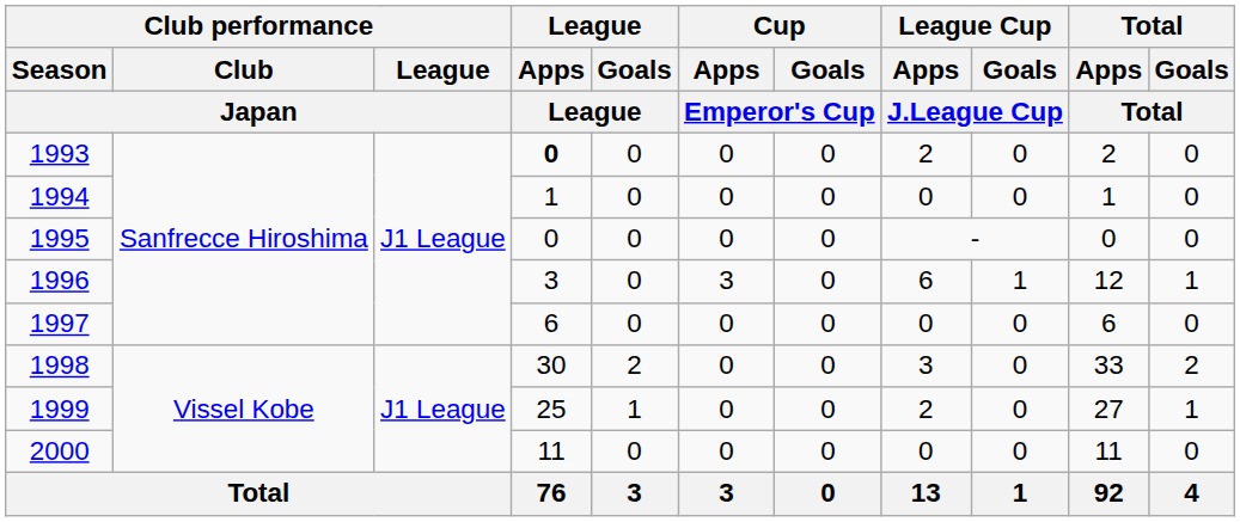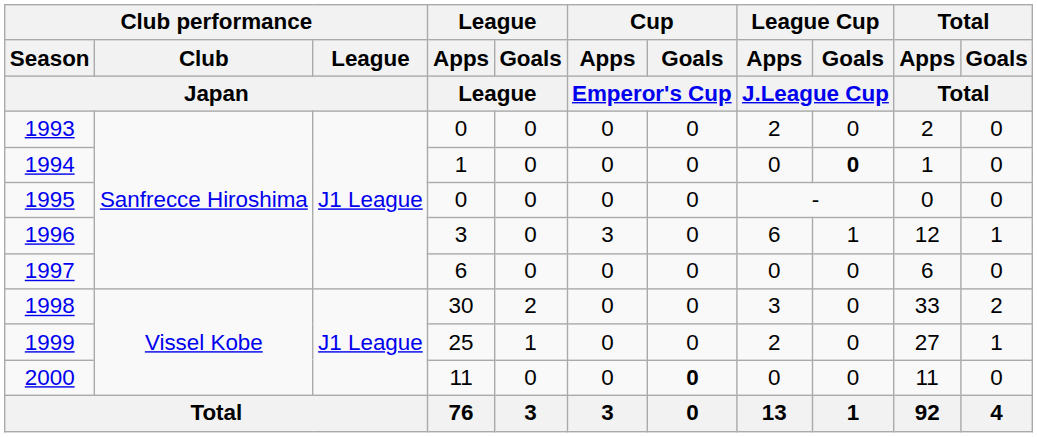 <table class="wikitable" style="text-align:center;">
 <tr>
 <th colspan=3>Club performance</th>
 <th colspan=2>League</th>
 <th colspan=2>Cup</th>
 <th colspan=2>League Cup</th>
 <th colspan=2>Total</th>
 </tr>
 <tr>
 <th>Season</th>
 <th>Club</th>
 <th>League</th>
 <th>Apps</th>
 <th>Goals</th>
 <th>Apps</th>
 <th>Goals</th>
 <th>Apps</th>
 <th>Goals</th>
 <th>Apps</th>
 <th>Goals</th>
 </tr>
 <tr>
 <th colspan=3>Japan</th>
 <th colspan=2>League</th>
 <th colspan=2><a href='#'>Emperor's Cup</a></th>
 <th colspan=2><a href='#'>J.League Cup</a></th>
 <th colspan=2>Total</th>
 </tr>
 <tr>
 <td><a href='#'>1993</a></td>
 <td rowspan="5"><a href='#'>Sanfrecce Hiroshima</a></td>
 <td rowspan="5"><a href='#'>J1 League</a></td>
-<td><strong>0</strong></td>
+<td>0</td>
 <td>0</td>
 <td>0</td>
 <td>0</td>
 <td>2</td>
 <td>0</td>
 <td>2</td>
 <td>0</td>
 </tr>
 <tr>
 <td><a href='#'>1994</a></td>
 <td>1</td>
 <td>0</td>
 <td>0</td>
 <td>0</td>
 <td>0</td>
-<td>0</td>
+<td><strong>0</strong></td>
 <td>1</td>
 <td>0</td>
 </tr>
 <tr>
 <td><a href='#'>1995</a></td>
 <td>0</td>
 <td>0</td>
 <td>0</td>
 <td>0</td>
 <td colspan="2">-</td>
 <td>0</td>
 <td>0</td>
 </tr>
 <tr>
 <td><a href='#'>1996</a></td>
 <td>3</td>
 <td>0</td>
 <td>3</td>
 <td>0</td>
 <td>6</td>
 <td>1</td>
 <td>12</td>
 <td>1</td>
 </tr>
 <tr>
 <td><a href='#'>1997</a></td>
 <td>6</td>
 <td>0</td>
 <td>0</td>
 <td>0</td>
 <td>0</td>
 <td>0</td>
 <td>6</td>
 <td>0</td>
 </tr>
 <tr>
 <td><a href='#'>1998</a></td>
 <td rowspan="3"><a href='#'>Vissel Kobe</a></td>
 <td rowspan="3"><a href='#'>J1 League</a></td>
 <td>30</td>
 <td>2</td>
 <td>0</td>
 <td>0</td>
 <td>3</td>
 <td>0</td>
 <td>33</td>
 <td>2</td>
 </tr>
 <tr>
 <td><a href='#'>1999</a></td>
 <td>25</td>
 <td>1</td>
 <td>0</td>
 <td>0</td>
 <td>2</td>
 <td>0</td>
 <td>27</td>
 <td>1</td>
 </tr>
 <tr>
 <td><a href='#'>2000</a></td>
 <td>11</td>
 <td>0</td>
 <td>0</td>
-<td>0</td>
+<td><strong>0</strong></td>
 <td>0</td>
 <td>0</td>
 <td>11</td>
 <td>0</td>
 </tr>
 <tr>
 <th colspan=3>Total</th>
 <th>76</th>
 <th>3</th>
 <th>3</th>
 <th>0</th>
 <th>13</th>
 <th>1</th>
 <th>92</th>
 <th>4</th>
 </tr>
 </table>
